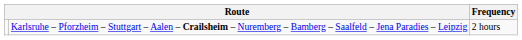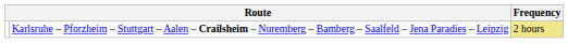 <table class="wikitable">
 <tr>
 <th colspan="2">Route</th>
 <th>Frequency</th>
 </tr>
 <tr>
 <td></td>
 <td><a href='#'>Karlsruhe</a> – <a href='#'>Pforzheim</a> – <a href='#'>Stuttgart</a> – <a href='#'>Aalen</a> – <strong>Crailsheim</strong> – <a href='#'>Nuremberg</a> – <a href='#'>Bamberg</a> – <a href='#'>Saalfeld</a> – <a href='#'>Jena Paradies</a> – <a href='#'>Leipzig</a></td>
-<td>2 hours</td>
+<td style="background: khaki;">2 hours</td>
 </tr>
 </table>
